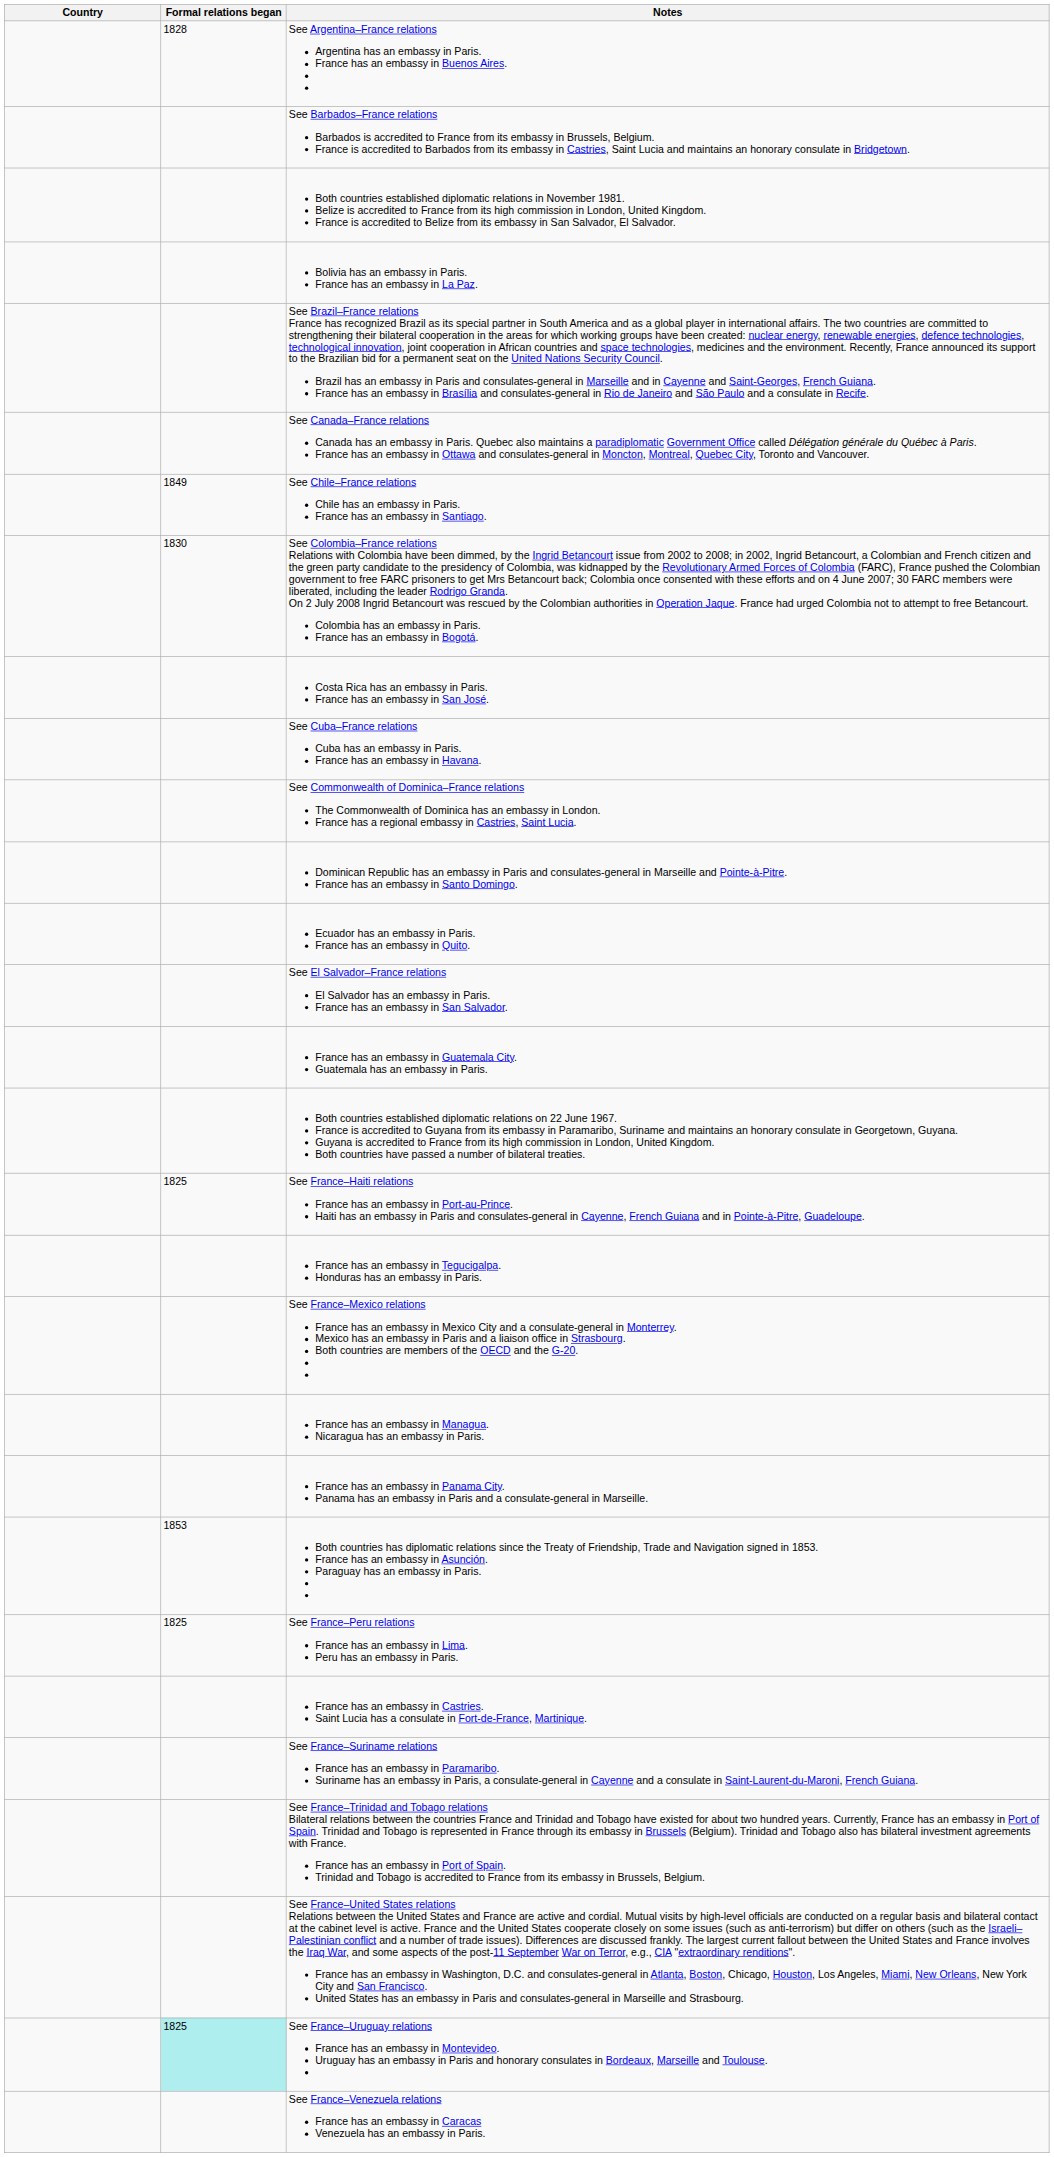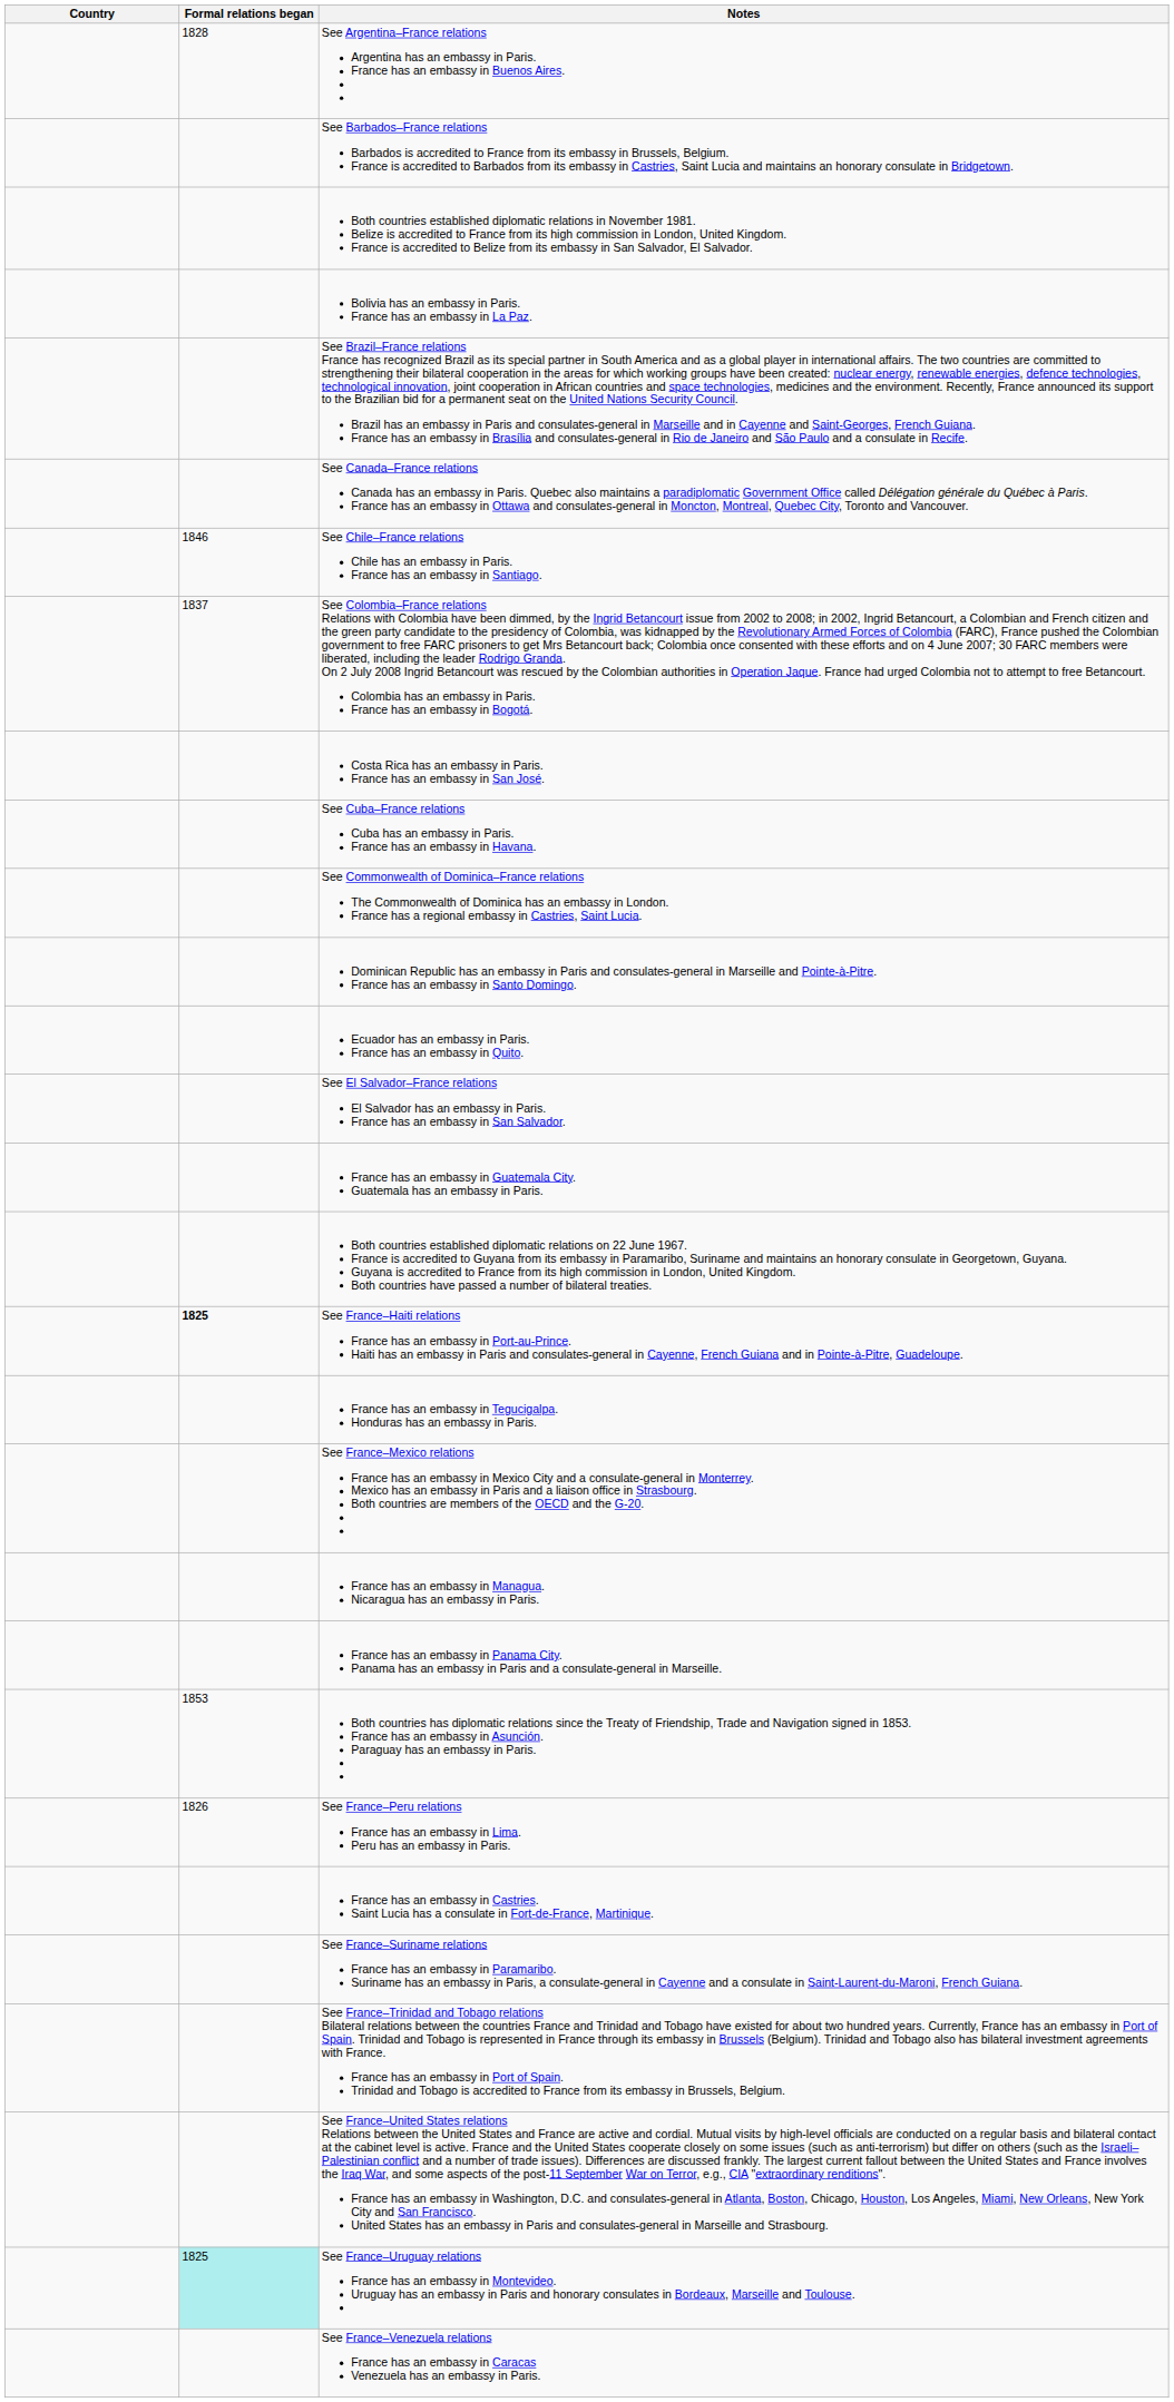 <table class="wikitable sortable" style="width:100%; margin:auto;">
 <tr>
 <th style="width:15%;">Country</th>
 <th style="width:12%;">Formal relations began</th>
 <th>Notes</th>
 </tr>
 <tr valign="top">
 <td></td>
 <td>1828</td>
 <td>See <a href='#'>Argentina–France relations</a><br><ul><li>Argentina has an embassy in Paris.</li><li>France has an embassy in <a href='#'>Buenos Aires</a>.</li><li></li><li> </li></ul></td>
 </tr>
 <tr valign="top">
 <td></td>
 <td></td>
 <td>See <a href='#'>Barbados–France relations</a><br><ul><li>Barbados is accredited to France from its embassy in Brussels, Belgium.</li><li>France is accredited to Barbados from its embassy in <a href='#'>Castries</a>, Saint Lucia and maintains an honorary consulate in <a href='#'>Bridgetown</a>.</li></ul></td>
 </tr>
 <tr valign="top">
 <td></td>
 <td></td>
 <td><br><ul><li>Both countries established diplomatic relations in November 1981.</li><li>Belize is accredited to France from its high commission in London, United Kingdom.</li><li>France is accredited to Belize from its embassy in San Salvador, El Salvador.</li></ul></td>
 </tr>
 <tr valign="top">
 <td></td>
 <td></td>
 <td><br><ul><li>Bolivia has an embassy in Paris.</li><li>France has an embassy in <a href='#'>La Paz</a>.</li></ul></td>
 </tr>
 <tr valign="top">
 <td></td>
 <td></td>
 <td>See <a href='#'>Brazil–France relations</a><br>France has recognized Brazil as its special partner in South America and as a global player in international affairs. The two countries are committed to strengthening their bilateral cooperation in the areas for which working groups have been created: <a href='#'>nuclear energy</a>, <a href='#'>renewable energies</a>, <a href='#'>defence technologies</a>, <a href='#'>technological innovation</a>, joint cooperation in African countries and <a href='#'>space technologies</a>, medicines and the environment. Recently, France announced its support to the Brazilian bid for a permanent seat on the <a href='#'>United Nations Security Council</a>.<ul><li>Brazil has an embassy in Paris and consulates-general in <a href='#'>Marseille</a> and in <a href='#'>Cayenne</a> and <a href='#'>Saint-Georges</a>, <a href='#'>French Guiana</a>.</li><li>France has an embassy in <a href='#'>Brasília</a> and consulates-general in <a href='#'>Rio de Janeiro</a> and <a href='#'>São Paulo</a> and a consulate in <a href='#'>Recife</a>.</li></ul></td>
 </tr>
 <tr valign="top">
 <td></td>
 <td></td>
 <td>See <a href='#'>Canada–France relations</a><br><ul><li>Canada has an embassy in Paris. Quebec also maintains a <a href='#'>paradiplomatic</a> <a href='#'>Government Office</a> called <em>Délégation générale du Québec à Paris</em>.</li><li>France has an embassy in <a href='#'>Ottawa</a> and consulates-general in <a href='#'>Moncton</a>, <a href='#'>Montreal</a>, <a href='#'>Quebec City</a>, Toronto and Vancouver.</li></ul></td>
 </tr>
 <tr valign="top">
 <td></td>
-<td>1849</td>
+<td>1846</td>
 <td>See <a href='#'>Chile–France relations</a><br><ul><li>Chile has an embassy in Paris.</li><li>France has an embassy in <a href='#'>Santiago</a>.</li></ul></td>
 </tr>
 <tr valign="top">
 <td></td>
-<td>1830</td>
+<td>1837</td>
 <td>See <a href='#'>Colombia–France relations</a><br>Relations with Colombia have been dimmed, by the <a href='#'>Ingrid Betancourt</a> issue from 2002 to 2008; in 2002, Ingrid Betancourt, a Colombian and French citizen and the green party candidate to the presidency of Colombia, was kidnapped by the <a href='#'>Revolutionary Armed Forces of Colombia</a> (FARC), France pushed the Colombian government to free FARC prisoners to get Mrs Betancourt back; Colombia once consented with these efforts and on 4 June 2007; 30 FARC members were liberated, including the leader <a href='#'>Rodrigo Granda</a>.<br>On 2 July 2008 Ingrid Betancourt was rescued by the Colombian authorities in <a href='#'>Operation Jaque</a>. France had urged Colombia not to attempt to free Betancourt.<ul><li>Colombia has an embassy in Paris.</li><li>France has an embassy in <a href='#'>Bogotá</a>.</li></ul></td>
 </tr>
 <tr valign="top">
 <td></td>
 <td></td>
 <td><br><ul><li>Costa Rica has an embassy in Paris.</li><li>France has an embassy in <a href='#'>San José</a>.</li></ul></td>
 </tr>
 <tr valign="top">
 <td></td>
 <td></td>
 <td>See <a href='#'>Cuba–France relations</a><br><ul><li>Cuba has an embassy in Paris.</li><li>France has an embassy in <a href='#'>Havana</a>.</li></ul></td>
 </tr>
 <tr valign="top">
 <td></td>
 <td></td>
 <td>See <a href='#'>Commonwealth of Dominica–France relations</a><br><ul><li>The Commonwealth of Dominica has an embassy in London.</li><li>France has a regional embassy in <a href='#'>Castries</a>, <a href='#'>Saint Lucia</a>.</li></ul></td>
 </tr>
 <tr valign="top">
 <td></td>
 <td></td>
 <td><br><ul><li>Dominican Republic has an embassy in Paris and consulates-general in Marseille and <a href='#'>Pointe-à-Pitre</a>.</li><li>France has an embassy in <a href='#'>Santo Domingo</a>.</li></ul></td>
 </tr>
 <tr valign="top">
 <td></td>
 <td></td>
 <td><br><ul><li>Ecuador has an embassy in Paris.</li><li>France has an embassy in <a href='#'>Quito</a>.</li></ul></td>
 </tr>
 <tr valign="top">
 <td></td>
 <td></td>
 <td>See <a href='#'>El Salvador–France relations</a><br><ul><li>El Salvador has an embassy in Paris.</li><li>France has an embassy in <a href='#'>San Salvador</a>.</li></ul></td>
 </tr>
 <tr valign="top">
 <td></td>
 <td></td>
 <td><br><ul><li>France has an embassy in <a href='#'>Guatemala City</a>.</li><li>Guatemala has an embassy in Paris.</li></ul></td>
 </tr>
 <tr valign="top">
 <td></td>
 <td></td>
 <td><br><ul><li>Both countries established diplomatic relations on 22 June 1967.</li><li>France is accredited to Guyana from its embassy in Paramaribo, Suriname and maintains an honorary consulate in Georgetown, Guyana.</li><li>Guyana is accredited to France from its high commission in London, United Kingdom.</li><li>Both countries have passed a number of bilateral treaties.</li></ul></td>
 </tr>
 <tr valign="top">
 <td></td>
-<td>1825</td>
+<td><strong>1825</strong></td>
 <td>See <a href='#'>France–Haiti relations</a><br><ul><li>France has an embassy in <a href='#'>Port-au-Prince</a>.</li><li>Haiti has an embassy in Paris and consulates-general in <a href='#'>Cayenne</a>, <a href='#'>French Guiana</a> and in <a href='#'>Pointe-à-Pitre</a>, <a href='#'>Guadeloupe</a>.</li></ul></td>
 </tr>
 <tr valign="top">
 <td></td>
 <td></td>
 <td><br><ul><li>France has an embassy in <a href='#'>Tegucigalpa</a>.</li><li>Honduras has an embassy in Paris.</li></ul></td>
 </tr>
 <tr valign="top">
 <td></td>
 <td></td>
 <td>See <a href='#'>France–Mexico relations</a><br><ul><li>France has an embassy in Mexico City and a consulate-general in <a href='#'>Monterrey</a>.</li><li>Mexico has an embassy in Paris and a liaison office in <a href='#'>Strasbourg</a>.</li><li>Both countries are members of the <a href='#'>OECD</a> and the <a href='#'>G-20</a>.</li><li></li><li> </li></ul></td>
 </tr>
 <tr valign="top">
 <td></td>
 <td></td>
 <td><br><ul><li>France has an embassy in <a href='#'>Managua</a>.</li><li>Nicaragua has an embassy in Paris.</li></ul></td>
 </tr>
 <tr valign="top">
 <td></td>
 <td></td>
 <td><br><ul><li>France has an embassy in <a href='#'>Panama City</a>.</li><li>Panama has an embassy in Paris and a consulate-general in Marseille.</li></ul></td>
 </tr>
 <tr valign="top">
 <td></td>
 <td>1853</td>
 <td><br><ul><li>Both countries has diplomatic relations since the Treaty of Friendship, Trade and Navigation signed in 1853.</li><li>France has an embassy in <a href='#'>Asunción</a>.</li><li>Paraguay has an embassy in Paris.</li><li></li><li></li></ul></td>
 </tr>
 <tr valign="top">
 <td></td>
-<td>1825</td>
+<td>1826</td>
 <td>See <a href='#'>France–Peru relations</a><br><ul><li>France has an embassy in <a href='#'>Lima</a>.</li><li>Peru has an embassy in Paris.</li></ul></td>
 </tr>
 <tr valign="top">
 <td></td>
 <td></td>
 <td><br><ul><li>France has an embassy in <a href='#'>Castries</a>.</li><li>Saint Lucia has a consulate in <a href='#'>Fort-de-France</a>, <a href='#'>Martinique</a>.</li></ul></td>
 </tr>
 <tr valign="top">
 <td></td>
 <td></td>
 <td>See <a href='#'>France–Suriname relations</a><br><ul><li>France has an embassy in <a href='#'>Paramaribo</a>.</li><li>Suriname has an embassy in Paris, a consulate-general in <a href='#'>Cayenne</a> and a consulate in <a href='#'>Saint-Laurent-du-Maroni</a>, <a href='#'>French Guiana</a>.</li></ul></td>
 </tr>
 <tr valign="top">
 <td></td>
 <td></td>
 <td>See <a href='#'>France–Trinidad and Tobago relations</a><br>Bilateral relations between the countries France and Trinidad and Tobago have existed for about two hundred years. Currently, France has an embassy in <a href='#'>Port of Spain</a>. Trinidad and Tobago is represented in France through its embassy in <a href='#'>Brussels</a> (Belgium).  Trinidad and Tobago also has bilateral investment agreements with France.<ul><li>France has an embassy in <a href='#'>Port of Spain</a>.</li><li>Trinidad and Tobago is accredited to France from its embassy in Brussels, Belgium.</li></ul></td>
 </tr>
 <tr valign="top">
 <td></td>
 <td></td>
 <td>See <a href='#'>France–United States relations</a><br>Relations between the United States and France are active and cordial. Mutual visits by high-level officials are conducted on a regular basis and bilateral contact at the cabinet level is active. France and the United States cooperate closely on some issues (such as anti-terrorism) but differ on others (such as the <a href='#'>Israeli–Palestinian conflict</a> and a number of trade issues). Differences are discussed frankly. The largest current fallout between the United States and France involves the <a href='#'>Iraq War</a>, and some aspects of the post-<a href='#'>11 September</a> <a href='#'>War on Terror</a>, e.g., <a href='#'>CIA</a> "<a href='#'>extraordinary renditions</a>".<ul><li>France has an embassy in Washington, D.C. and consulates-general in <a href='#'>Atlanta</a>, <a href='#'>Boston</a>, Chicago, <a href='#'>Houston</a>, Los Angeles, <a href='#'>Miami</a>, <a href='#'>New Orleans</a>, New York City and <a href='#'>San Francisco</a>.</li><li>United States has an embassy in Paris and consulates-general in Marseille and Strasbourg.</li></ul></td>
 </tr>
 <tr valign="top">
 <td></td>
 <td style="background: paleturquoise;">1825</td>
 <td>See <a href='#'>France–Uruguay relations</a><br><ul><li>France has an embassy in <a href='#'>Montevideo</a>.</li><li>Uruguay has an embassy in Paris and honorary consulates in <a href='#'>Bordeaux</a>, <a href='#'>Marseille</a> and <a href='#'>Toulouse</a>.</li><li> </li></ul></td>
 </tr>
 <tr valign="top">
 <td></td>
 <td></td>
 <td>See <a href='#'>France–Venezuela relations</a><br><ul><li>France has an embassy in <a href='#'>Caracas</a></li><li>Venezuela has an embassy in Paris.</li></ul></td>
 </tr>
 </table>
